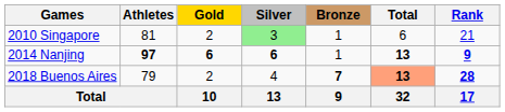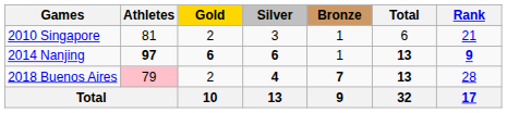 <table class="wikitable" style="text-align:center; font-size:90%;">
 <tr>
 <th>Games</th>
 <th>Athletes</th>
 <td style="background:gold; width:4.5em; font-weight:bold;">Gold</td>
 <td style="background:silver; width:4.5em; font-weight:bold;">Silver</td>
 <td style="background:#cc9966; width:4.5em; font-weight:bold;">Bronze</td>
 <th style="width:4.5em; font-weight:bold;">Total</th>
 <th style="width:4.5em; font-weight:bold;"><a href='#'>Rank</a></th>
 </tr>
 <tr>
 <td align=left> <a href='#'>2010 Singapore</a></td>
 <td>81</td>
 <td>2</td>
-<td style="background: lightgreen;">3</td>
+<td>3</td>
 <td>1</td>
 <td>6</td>
 <td><a href='#'>21</a></td>
 </tr>
 <tr>
 <td align=left> <a href='#'>2014 Nanjing</a></td>
 <td><strong>97</strong></td>
 <td><strong>6</strong></td>
 <td><strong>6</strong></td>
 <td>1</td>
 <td><strong>13</strong></td>
 <td><a href='#'><strong>9</strong></a></td>
 </tr>
 <tr>
 <td align=left> <a href='#'>2018 Buenos Aires</a></td>
-<td>79</td>
+<td style="background: pink;">79</td>
 <td>2</td>
-<td>4</td>
+<td><strong>4</strong></td>
 <td><strong>7</strong></td>
-<td style="background: lightsalmon;"><strong>13</strong></td>
-<td><strong><a href='#'>28</a></strong></td>
+<td><strong>13</strong></td>
+<td><a href='#'>28</a></td>
 </tr>
 <tr>
 <th colspan=2>Total</th>
 <th>10</th>
 <th>13</th>
 <th>9</th>
 <th>32</th>
 <th><a href='#'>17</a></th>
 </tr>
 </table>
